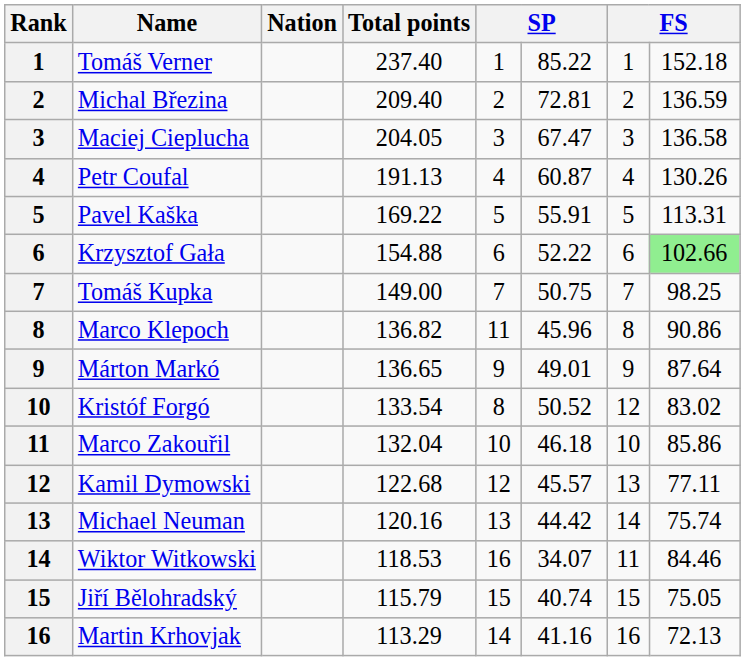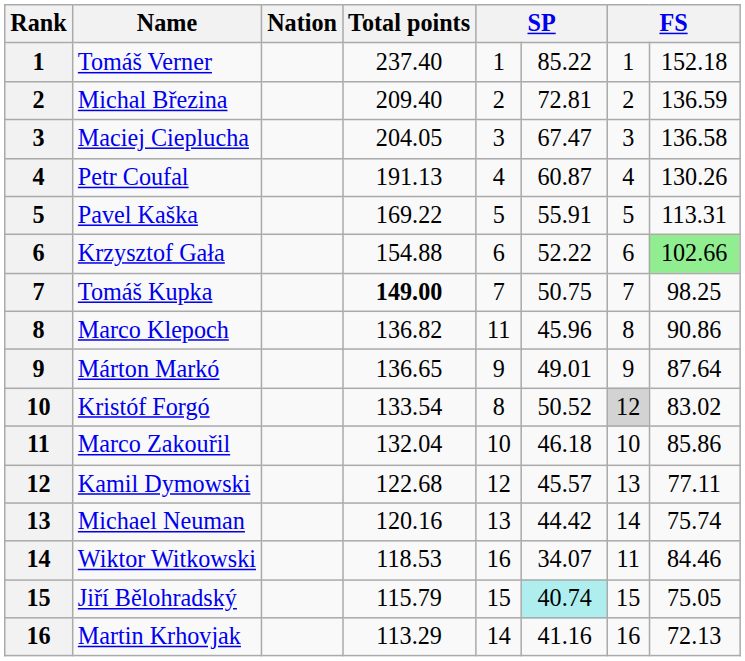 <table class="wikitable sortable">
 <tr>
 <th>Rank</th>
 <th>Name</th>
 <th>Nation</th>
 <th>Total points</th>
 <th colspan=2 width=80px><a href='#'>SP</a></th>
 <th colspan=2 width=80px><a href='#'>FS</a></th>
 </tr>
 <tr>
 <th>1</th>
 <td><a href='#'>Tomáš Verner</a></td>
 <td></td>
 <td align=center>237.40</td>
 <td align=center>1</td>
 <td align=center>85.22</td>
 <td align=center>1</td>
 <td align=center>152.18</td>
 </tr>
 <tr>
 <th>2</th>
 <td><a href='#'>Michal Březina</a></td>
 <td></td>
 <td align=center>209.40</td>
 <td align=center>2</td>
 <td align=center>72.81</td>
 <td align=center>2</td>
 <td align=center>136.59</td>
 </tr>
 <tr>
 <th>3</th>
 <td><a href='#'>Maciej Cieplucha</a></td>
 <td></td>
 <td align=center>204.05</td>
 <td align=center>3</td>
 <td align=center>67.47</td>
 <td align=center>3</td>
 <td align=center>136.58</td>
 </tr>
 <tr>
 <th>4</th>
 <td><a href='#'>Petr Coufal</a></td>
 <td></td>
 <td align=center>191.13</td>
 <td align=center>4</td>
 <td align=center>60.87</td>
 <td align=center>4</td>
 <td align=center>130.26</td>
 </tr>
 <tr>
 <th>5</th>
 <td><a href='#'>Pavel Kaška</a></td>
 <td></td>
 <td align=center>169.22</td>
 <td align=center>5</td>
 <td align=center>55.91</td>
 <td align=center>5</td>
 <td align=center>113.31</td>
 </tr>
 <tr>
 <th>6</th>
 <td><a href='#'>Krzysztof Gała</a></td>
 <td></td>
 <td align=center>154.88</td>
 <td align=center>6</td>
 <td align=center>52.22</td>
 <td align=center>6</td>
 <td align=center style="background: lightgreen;">102.66</td>
 </tr>
 <tr>
 <th>7</th>
 <td><a href='#'>Tomáš Kupka</a></td>
 <td></td>
-<td align=center>149.00</td>
+<td align=center><strong>149.00</strong></td>
 <td align=center>7</td>
 <td align=center>50.75</td>
 <td align=center>7</td>
 <td align=center>98.25</td>
 </tr>
 <tr>
 <th>8</th>
 <td><a href='#'>Marco Klepoch</a></td>
 <td></td>
 <td align=center>136.82</td>
 <td align=center>11</td>
 <td align=center>45.96</td>
 <td align=center>8</td>
 <td align=center>90.86</td>
 </tr>
 <tr>
 <th>9</th>
 <td><a href='#'>Márton Markó</a></td>
 <td></td>
 <td align=center>136.65</td>
 <td align=center>9</td>
 <td align=center>49.01</td>
 <td align=center>9</td>
 <td align=center>87.64</td>
 </tr>
 <tr>
 <th>10</th>
 <td><a href='#'>Kristóf Forgó</a></td>
 <td></td>
 <td align=center>133.54</td>
 <td align=center>8</td>
 <td align=center>50.52</td>
-<td align=center>12</td>
+<td align=center style="background: lightgrey;">12</td>
 <td align=center>83.02</td>
 </tr>
 <tr>
 <th>11</th>
 <td><a href='#'>Marco Zakouřil</a></td>
 <td></td>
 <td align=center>132.04</td>
 <td align=center>10</td>
 <td align=center>46.18</td>
 <td align=center>10</td>
 <td align=center>85.86</td>
 </tr>
 <tr>
 <th>12</th>
 <td><a href='#'>Kamil Dymowski</a></td>
 <td></td>
 <td align=center>122.68</td>
 <td align=center>12</td>
 <td align=center>45.57</td>
 <td align=center>13</td>
 <td align=center>77.11</td>
 </tr>
 <tr>
 <th>13</th>
 <td><a href='#'>Michael Neuman</a></td>
 <td></td>
 <td align=center>120.16</td>
 <td align=center>13</td>
 <td align=center>44.42</td>
 <td align=center>14</td>
 <td align=center>75.74</td>
 </tr>
 <tr>
 <th>14</th>
 <td><a href='#'>Wiktor Witkowski</a></td>
 <td></td>
 <td align=center>118.53</td>
 <td align=center>16</td>
 <td align=center>34.07</td>
 <td align=center>11</td>
 <td align=center>84.46</td>
 </tr>
 <tr>
 <th>15</th>
 <td><a href='#'>Jiří Bělohradský</a></td>
 <td></td>
 <td align=center>115.79</td>
 <td align=center>15</td>
-<td align=center>40.74</td>
+<td align=center style="background: paleturquoise;">40.74</td>
 <td align=center>15</td>
 <td align=center>75.05</td>
 </tr>
 <tr>
 <th>16</th>
 <td><a href='#'>Martin Krhovjak</a></td>
 <td></td>
 <td align=center>113.29</td>
 <td align=center>14</td>
 <td align=center>41.16</td>
 <td align=center>16</td>
 <td align=center>72.13</td>
 </tr>
 </table>
